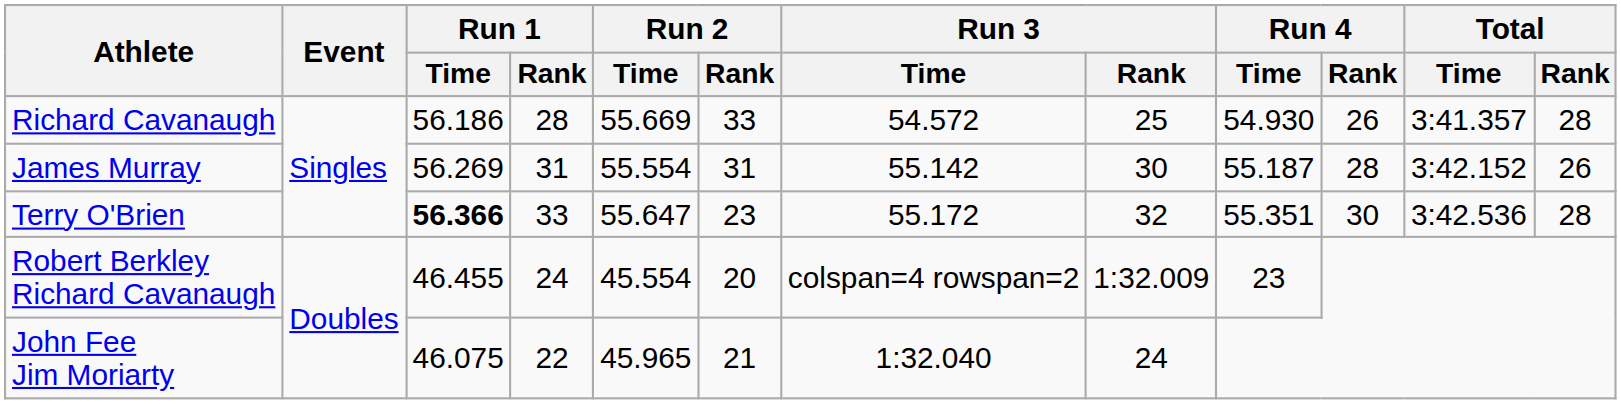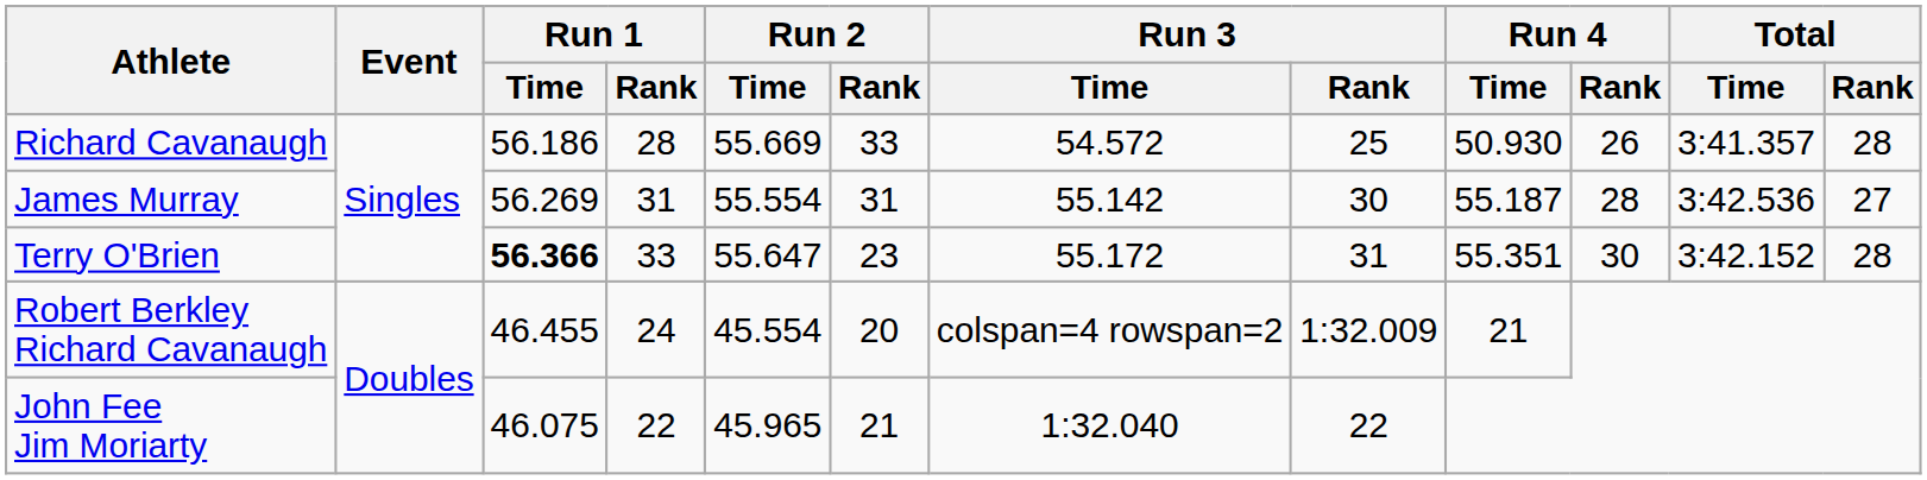 <table class=wikitable style=font-size:90%;text-align:center>
 <tr>
 <th rowspan=2>Athlete</th>
 <th rowspan=2>Event</th>
 <th colspan=2>Run 1</th>
 <th colspan=2>Run 2</th>
 <th colspan=2>Run 3</th>
 <th colspan=2>Run 4</th>
 <th colspan=2>Total</th>
 </tr>
 <tr style=font-size:95%>
 <th>Time</th>
 <th>Rank</th>
 <th>Time</th>
 <th>Rank</th>
 <th>Time</th>
 <th>Rank</th>
 <th>Time</th>
 <th>Rank</th>
 <th>Time</th>
 <th>Rank</th>
 </tr>
 <tr>
 <td align=left><a href='#'>Richard Cavanaugh</a></td>
 <td align=left rowspan=3><a href='#'>Singles</a></td>
 <td>56.186</td>
 <td>28</td>
 <td>55.669</td>
 <td>33</td>
 <td>54.572</td>
 <td>25</td>
-<td>54.930</td>
+<td>50.930</td>
 <td>26</td>
 <td>3:41.357</td>
 <td>28</td>
 </tr>
 <tr>
 <td align=left><a href='#'>James Murray</a></td>
 <td>56.269</td>
 <td>31</td>
 <td>55.554</td>
 <td>31</td>
 <td>55.142</td>
 <td>30</td>
 <td>55.187</td>
 <td>28</td>
-<td>3:42.152</td>
-<td>26</td>
+<td>3:42.536</td>
+<td>27</td>
 </tr>
 <tr>
 <td align=left><a href='#'>Terry O'Brien</a></td>
 <td><strong>56.366</strong></td>
 <td>33</td>
 <td>55.647</td>
 <td>23</td>
 <td>55.172</td>
-<td>32</td>
+<td>31</td>
 <td>55.351</td>
 <td>30</td>
-<td>3:42.536</td>
+<td>3:42.152</td>
 <td>28</td>
 </tr>
 <tr>
 <td align=left><a href='#'>Robert Berkley</a><br><a href='#'>Richard Cavanaugh</a></td>
 <td align=left rowspan=2><a href='#'>Doubles</a></td>
 <td>46.455</td>
 <td>24</td>
 <td>45.554</td>
 <td>20</td>
 <td>colspan=4 rowspan=2 </td>
 <td>1:32.009</td>
-<td>23</td>
+<td>21</td>
 </tr>
 <tr>
 <td align=left><a href='#'>John Fee</a><br><a href='#'>Jim Moriarty</a></td>
 <td>46.075</td>
 <td>22</td>
 <td>45.965</td>
 <td>21</td>
 <td>1:32.040</td>
-<td>24</td>
+<td>22</td>
 </tr>
 </table>
